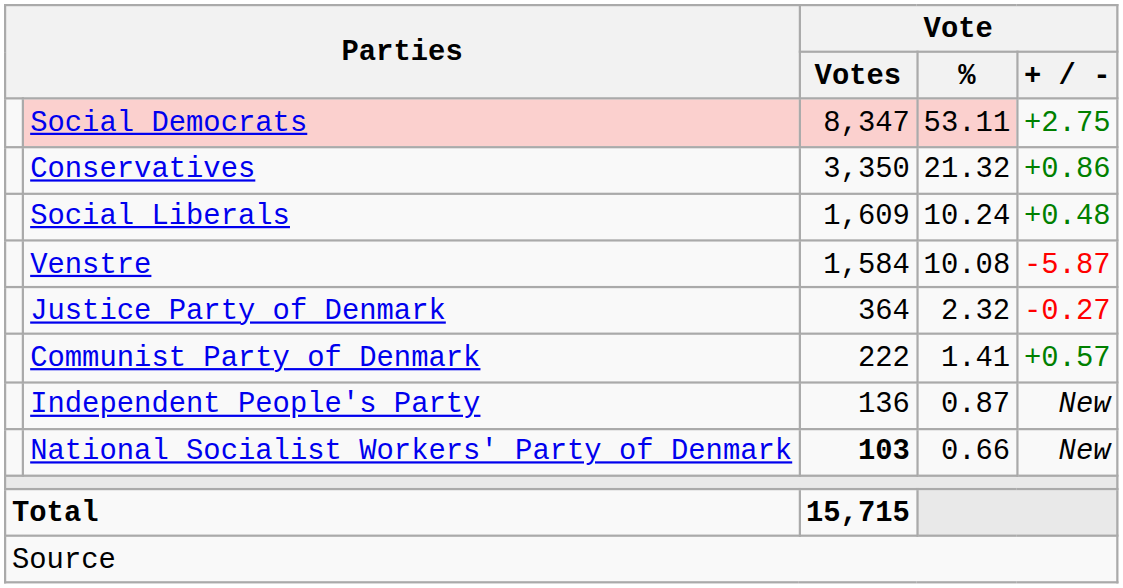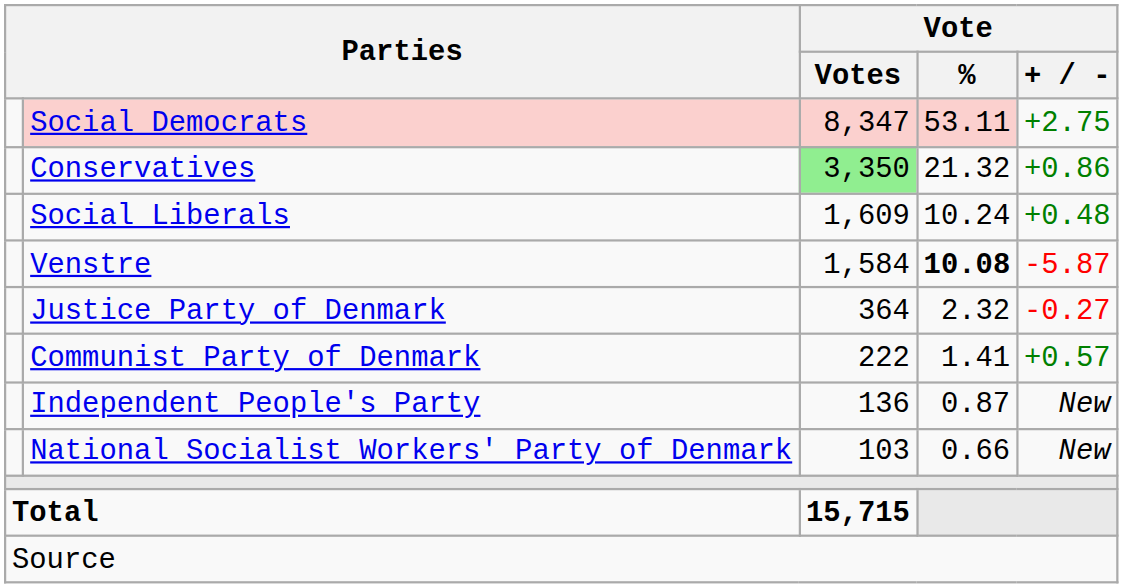 <table class="wikitable" style="text-align:right;">
 <tr>
 <th style="text-align:centre;" rowspan="2" colspan="2" width="225">Parties</th>
 <th colspan="3">Vote</th>
 </tr>
 <tr>
 <th width="15">Votes</th>
 <th width="15">%</th>
 <th width="15">+ / -</th>
 </tr>
 <tr>
 <td width="2" style="color:inherit;background:"></td>
 <td bgcolor=#fbd0ce  align="left"><a href='#'>Social Democrats</a></td>
 <td bgcolor=#fbd0ce>8,347</td>
 <td bgcolor=#fbd0ce>53.11</td>
 <td style=color:green;>+2.75</td>
 </tr>
 <tr>
 <td width="2" style="color:inherit;background:"></td>
 <td align="left"><a href='#'>Conservatives</a></td>
-<td>3,350</td>
+<td style="background: lightgreen;">3,350</td>
 <td>21.32</td>
 <td style=color:green;>+0.86</td>
 </tr>
 <tr>
 <td width="2" style="color:inherit;background:"></td>
 <td align="left"><a href='#'>Social Liberals</a></td>
 <td>1,609</td>
 <td>10.24</td>
 <td style=color:green;>+0.48</td>
 </tr>
 <tr>
 <td width="2" style="color:inherit;background:"></td>
 <td align="left"><a href='#'>Venstre</a></td>
 <td>1,584</td>
-<td>10.08</td>
+<td><strong>10.08</strong></td>
 <td style=color:red;>-5.87</td>
 </tr>
 <tr>
 <td width="2" style="color:inherit;background:"></td>
 <td align="left"><a href='#'>Justice Party of Denmark</a></td>
 <td>364</td>
 <td>2.32</td>
 <td style=color:red;>-0.27</td>
 </tr>
 <tr>
 <td width="2" style="color:inherit;background:"></td>
 <td align="left"><a href='#'>Communist Party of Denmark</a></td>
 <td>222</td>
 <td>1.41</td>
 <td style=color:green;>+0.57</td>
 </tr>
 <tr>
 <td width="2" style="color:inherit;background:"></td>
 <td align="left"><a href='#'>Independent People's Party</a></td>
 <td>136</td>
 <td>0.87</td>
 <td><em>New</em></td>
 </tr>
 <tr>
 <td width="2" style="color:inherit;background:"></td>
 <td align="left"><a href='#'>National Socialist Workers' Party of Denmark</a></td>
-<td><strong>103</strong></td>
+<td>103</td>
 <td>0.66</td>
 <td><em>New</em></td>
 </tr>
 <tr>
 <td colspan="7" bgcolor="#E9E9E9"></td>
 </tr>
 <tr>
 <td align="left" colspan="2"><strong>Total</strong></td>
 <td><strong>15,715</strong></td>
 <td bgcolor="#E9E9E9" colspan="2"></td>
 </tr>
 <tr>
 <td align="left" colspan="6">Source</td>
 </tr>
 </table>
